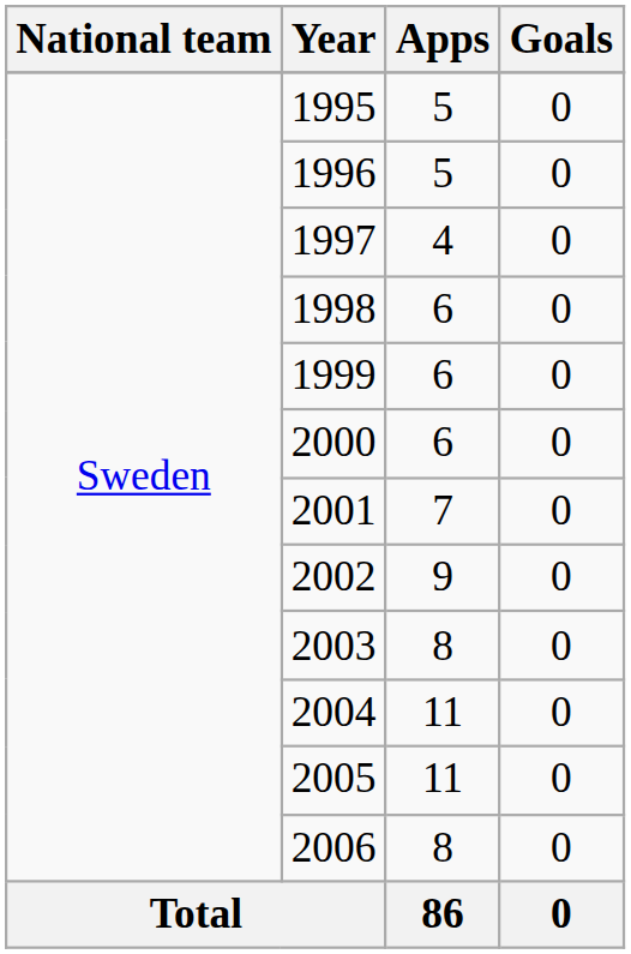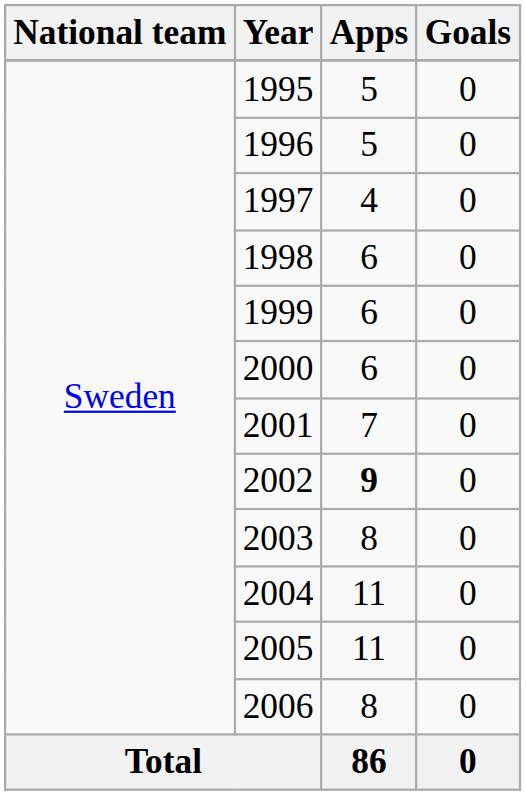 <table class="wikitable" style="text-align:center">
 <tr>
 <th>National team</th>
 <th>Year</th>
 <th>Apps</th>
 <th>Goals</th>
 </tr>
 <tr>
 </tr>
 <tr>
 <td rowspan="12"><a href='#'>Sweden</a></td>
 <td>1995</td>
 <td>5</td>
 <td>0</td>
 </tr>
 <tr>
 <td>1996</td>
 <td>5</td>
 <td>0</td>
 </tr>
 <tr>
 <td>1997</td>
 <td>4</td>
 <td>0</td>
 </tr>
 <tr>
 <td>1998</td>
 <td>6</td>
 <td>0</td>
 </tr>
 <tr>
 <td>1999</td>
 <td>6</td>
 <td>0</td>
 </tr>
 <tr>
 <td>2000</td>
 <td>6</td>
 <td>0</td>
 </tr>
 <tr>
 <td>2001</td>
 <td>7</td>
 <td>0</td>
 </tr>
 <tr>
 <td>2002</td>
-<td>9</td>
+<td><strong>9</strong></td>
 <td>0</td>
 </tr>
 <tr>
 <td>2003</td>
 <td>8</td>
 <td>0</td>
 </tr>
 <tr>
 <td>2004</td>
 <td>11</td>
 <td>0</td>
 </tr>
 <tr>
 <td>2005</td>
 <td>11</td>
 <td>0</td>
 </tr>
 <tr>
 <td>2006</td>
 <td>8</td>
 <td>0</td>
 </tr>
 <tr>
 <th colspan="2">Total</th>
 <th>86</th>
 <th>0</th>
 </tr>
 </table>
